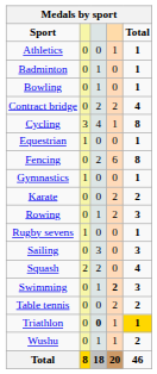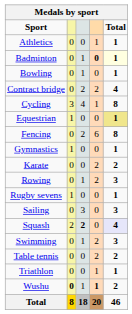 <table class=wikitable style="font-size:85%; float:right;text-align:center">
 <tr bgcolor=EFEFEF>
 <th colspan=7>Medals by sport</th>
 </tr>
 <tr>
 <td><strong>Sport</strong></td>
 <td bgcolor=F7F6A8></td>
 <td bgcolor=DCE5E5></td>
 <td bgcolor=FFDBA9></td>
 <td><strong>Total</strong></td>
 </tr>
 <tr>
 <td><a href='#'>Athletics</a></td>
 <td bgcolor=F7F6A8>0</td>
 <td bgcolor=DCE5E5>0</td>
 <td bgcolor=FFDAB9>1</td>
 <td><strong>1</strong></td>
 </tr>
 <tr>
 <td><a href='#'>Badminton</a></td>
 <td bgcolor=F7F6A8>0</td>
 <td bgcolor=DCE5E5>1</td>
-<td bgcolor=FFDAB9>0</td>
-<td><strong>1</strong></td>
+<td bgcolor=FFDAB9><strong>0</strong></td>
+<td style="background: lightyellow;"><strong>1</strong></td>
 </tr>
 <tr>
 <td><a href='#'>Bowling</a></td>
 <td bgcolor=F7F6A8>0</td>
 <td bgcolor=DCE5E5>1</td>
 <td bgcolor=FFDAB9>0</td>
 <td><strong>1</strong></td>
 </tr>
 <tr>
 <td><a href='#'>Contract bridge</a></td>
 <td bgcolor=F7F6A8>0</td>
 <td bgcolor=DCE5E5>2</td>
 <td bgcolor=FFDAB9>2</td>
 <td><strong>4</strong></td>
 </tr>
 <tr>
 <td><a href='#'>Cycling</a></td>
 <td bgcolor=F7F6A8>3</td>
 <td bgcolor=DCE5E5>4</td>
 <td bgcolor=FFDAB9>1</td>
 <td><strong>8</strong></td>
 </tr>
 <tr>
 <td><a href='#'>Equestrian</a></td>
 <td bgcolor=F7F6A8>1</td>
 <td bgcolor=DCE5E5>0</td>
 <td bgcolor=FFDAB9>0</td>
-<td><strong>1</strong></td>
+<td style="background: khaki;"><strong>1</strong></td>
 </tr>
 <tr>
 <td><a href='#'>Fencing</a></td>
 <td bgcolor=F7F6A8>0</td>
 <td bgcolor=DCE5E5>2</td>
 <td bgcolor=FFDAB9>6</td>
 <td><strong>8</strong></td>
 </tr>
 <tr>
 <td><a href='#'>Gymnastics</a></td>
 <td bgcolor=F7F6A8>1</td>
 <td bgcolor=DCE5E5>0</td>
 <td bgcolor=FFDAB9>0</td>
 <td><strong>1</strong></td>
 </tr>
 <tr>
 <td><a href='#'>Karate</a></td>
 <td bgcolor=F7F6A8>0</td>
 <td bgcolor=DCE5E5>0</td>
 <td bgcolor=FFDAB9>2</td>
 <td><strong>2</strong></td>
 </tr>
 <tr>
 <td><a href='#'>Rowing</a></td>
 <td bgcolor=F7F6A8>0</td>
 <td bgcolor=DCE5E5>1</td>
 <td bgcolor=FFDAB9>2</td>
 <td><strong>3</strong></td>
 </tr>
 <tr>
 <td><a href='#'>Rugby sevens</a></td>
 <td bgcolor=F7F6A8>1</td>
 <td bgcolor=DCE5E5>0</td>
 <td bgcolor=FFDAB9>0</td>
 <td><strong>1</strong></td>
 </tr>
 <tr>
 <td><a href='#'>Sailing</a></td>
 <td bgcolor=F7F6A8>0</td>
 <td bgcolor=DCE5E5>3</td>
 <td bgcolor=FFDAB9>0</td>
 <td><strong>3</strong></td>
 </tr>
 <tr>
 <td><a href='#'>Squash</a></td>
 <td bgcolor=F7F6A8>2</td>
-<td bgcolor=DCE5E5>2</td>
+<td bgcolor=DCE5E5><strong>2</strong></td>
 <td bgcolor=FFDAB9>0</td>
-<td><strong>4</strong></td>
+<td style="background: lavender;"><strong>4</strong></td>
 </tr>
 <tr>
 <td><a href='#'>Swimming</a></td>
 <td bgcolor=F7F6A8>0</td>
 <td bgcolor=DCE5E5>1</td>
-<td bgcolor=FFDAB9><strong>2</strong></td>
+<td bgcolor=FFDAB9>2</td>
 <td><strong>3</strong></td>
 </tr>
 <tr>
 <td><a href='#'>Table tennis</a></td>
 <td bgcolor=F7F6A8>0</td>
 <td bgcolor=DCE5E5>0</td>
 <td bgcolor=FFDAB9>2</td>
 <td><strong>2</strong></td>
 </tr>
 <tr>
 <td><a href='#'>Triathlon</a></td>
 <td bgcolor=F7F6A8>0</td>
-<td bgcolor=DCE5E5><strong>0</strong></td>
+<td bgcolor=DCE5E5>0</td>
 <td bgcolor=FFDAB9>1</td>
-<td style="background: gold;"><strong>1</strong></td>
+<td><strong>1</strong></td>
 </tr>
 <tr>
 <td><a href='#'>Wushu</a></td>
-<td bgcolor=F7F6A8>0</td>
+<td bgcolor=F7F6A8><strong>0</strong></td>
 <td bgcolor=DCE5E5>1</td>
-<td bgcolor=FFDAB9>1</td>
+<td bgcolor=FFDAB9><strong>1</strong></td>
 <td><strong>2</strong></td>
 </tr>
 <tr>
 <th>Total</th>
 <td style="background:gold;"><strong>8</strong></td>
 <td style="background:silver;"><strong>18</strong></td>
 <td style="background:#c96;"><strong>20</strong></td>
 <td><strong>46</strong></td>
 </tr>
 </table>
